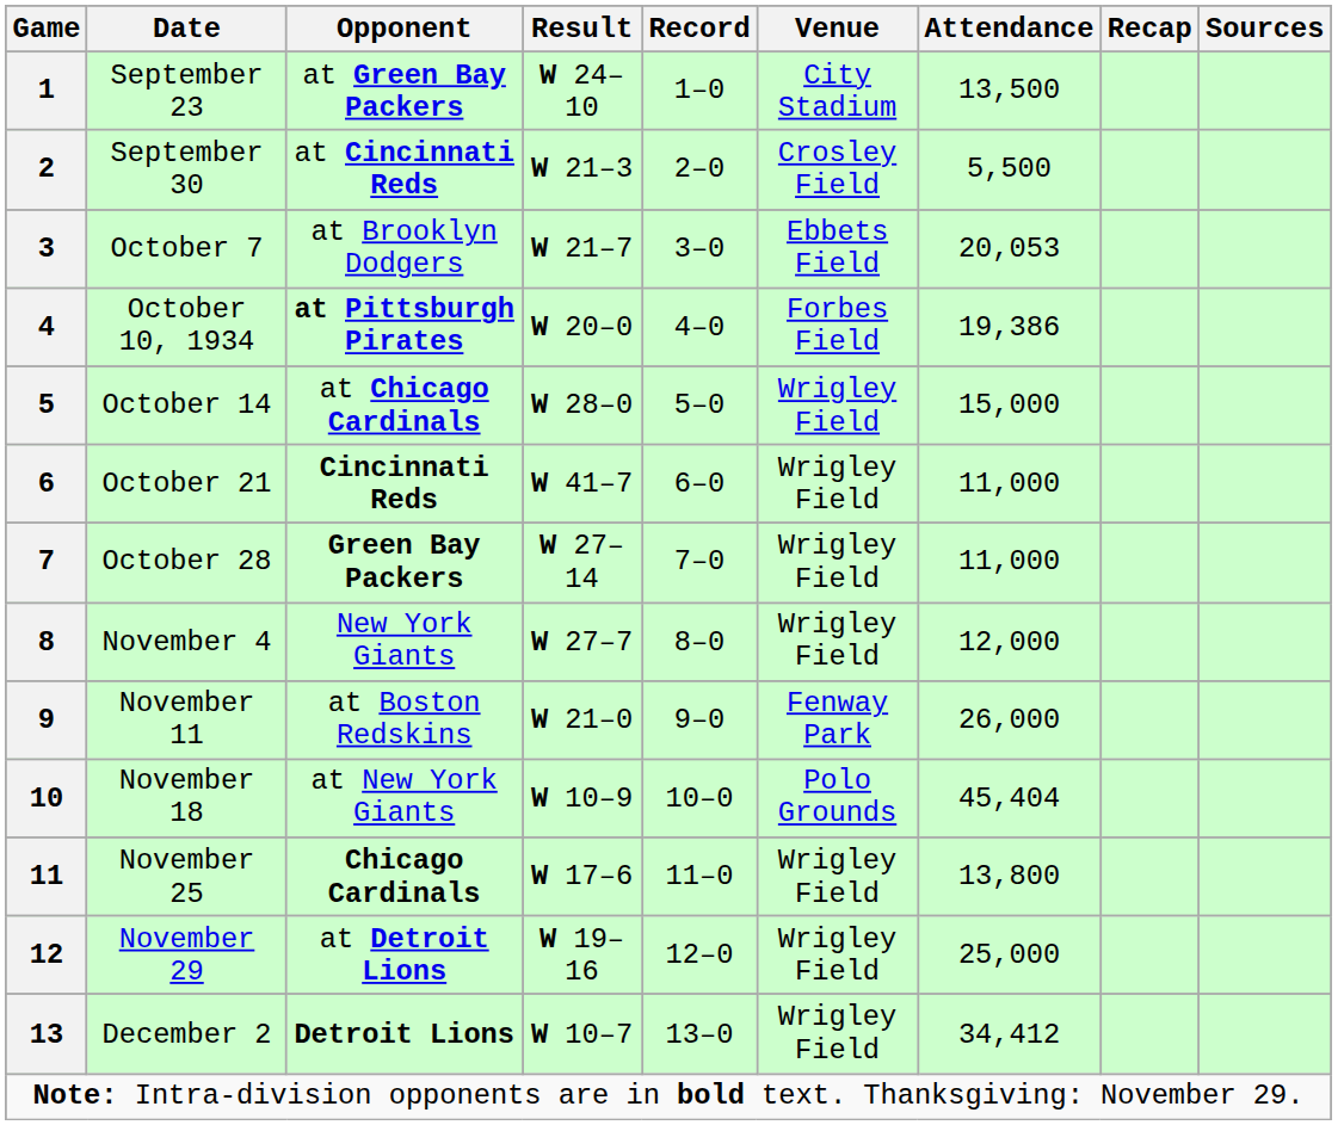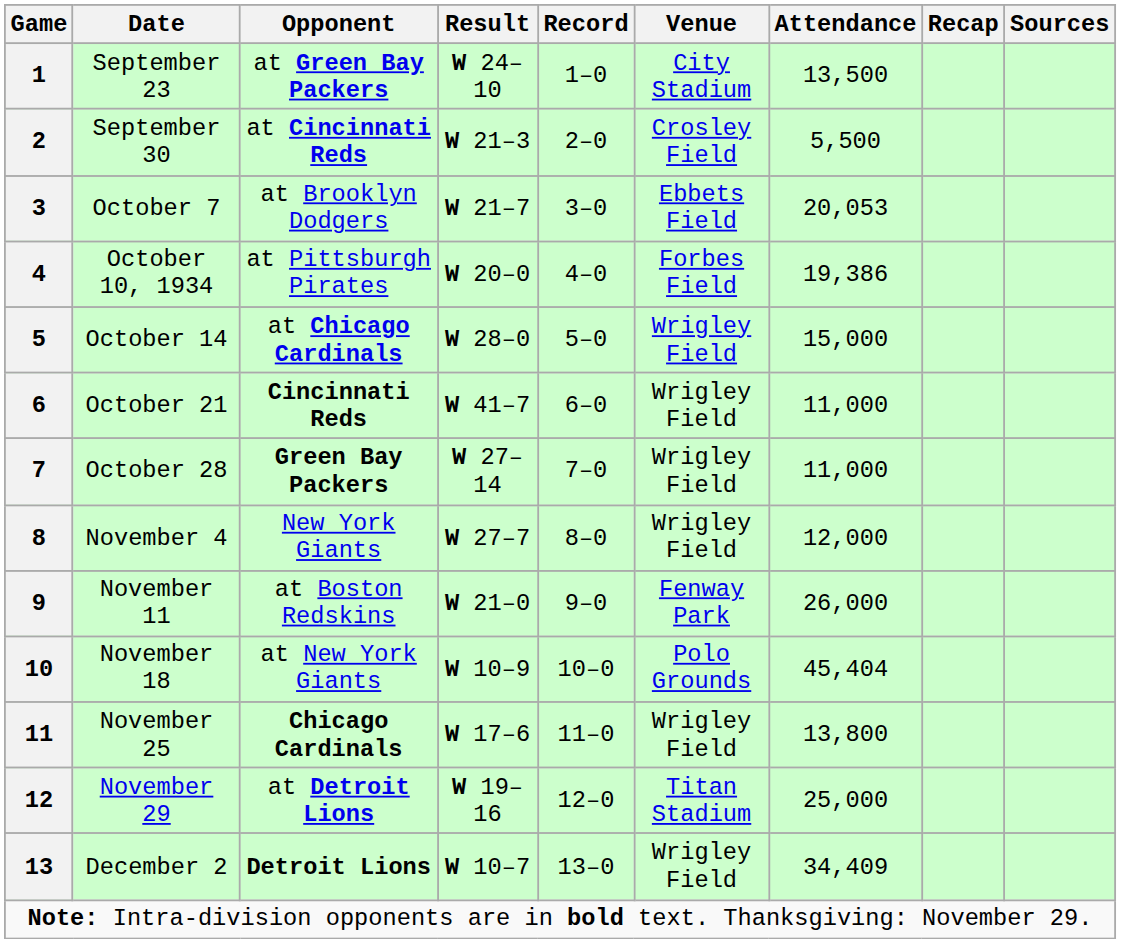 <table class="wikitable" style="text-align:center">
 <tr>
 <th>Game</th>
 <th>Date</th>
 <th>Opponent</th>
 <th>Result</th>
 <th>Record</th>
 <th>Venue</th>
 <th>Attendance</th>
 <th>Recap</th>
 <th>Sources</th>
 </tr>
 <tr style="background:#cfc">
 <th>1</th>
 <td>September 23</td>
 <td>at <strong><a href='#'>Green Bay Packers</a></strong></td>
 <td><strong>W</strong> 24–10</td>
 <td>1–0</td>
 <td><a href='#'>City Stadium</a></td>
 <td>13,500</td>
 <td></td>
 <td></td>
 </tr>
 <tr style="background:#cfc">
 <th>2</th>
 <td>September 30</td>
 <td>at <strong><a href='#'>Cincinnati Reds</a></strong></td>
 <td><strong>W</strong> 21–3</td>
 <td>2–0</td>
 <td><a href='#'>Crosley Field</a></td>
 <td>5,500</td>
 <td></td>
 <td></td>
 </tr>
 <tr style="background:#cfc">
 <th>3</th>
 <td>October 7</td>
 <td>at <a href='#'>Brooklyn Dodgers</a></td>
 <td><strong>W</strong> 21–7</td>
 <td>3–0</td>
 <td><a href='#'>Ebbets Field</a></td>
 <td>20,053</td>
 <td></td>
 <td></td>
 </tr>
 <tr style="background:#cfc">
 <th>4</th>
 <td>October 10, 1934</td>
-<td><strong>at <a href='#'>Pittsburgh Pirates</a></strong></td>
+<td>at <a href='#'>Pittsburgh Pirates</a></td>
 <td><strong>W</strong> 20–0</td>
 <td>4–0</td>
 <td><a href='#'>Forbes Field</a></td>
 <td>19,386</td>
 <td></td>
 <td></td>
 </tr>
 <tr style="background:#cfc">
 <th>5</th>
 <td>October 14</td>
 <td>at <strong><a href='#'>Chicago Cardinals</a></strong></td>
 <td><strong>W</strong> 28–0</td>
 <td>5–0</td>
 <td><a href='#'>Wrigley Field</a></td>
 <td>15,000</td>
 <td></td>
 <td></td>
 </tr>
 <tr style="background:#cfc">
 <th>6</th>
 <td>October 21</td>
 <td><strong>Cincinnati Reds</strong></td>
 <td><strong>W</strong> 41–7</td>
 <td>6–0</td>
 <td>Wrigley Field</td>
 <td>11,000</td>
 <td></td>
 <td></td>
 </tr>
 <tr style="background:#cfc">
 <th>7</th>
 <td>October 28</td>
 <td><strong>Green Bay Packers</strong></td>
 <td><strong>W</strong> 27–14</td>
 <td>7–0</td>
 <td>Wrigley Field</td>
 <td>11,000</td>
 <td></td>
 <td></td>
 </tr>
 <tr style="background:#cfc">
 <th>8</th>
 <td>November 4</td>
 <td><a href='#'>New York Giants</a></td>
 <td><strong>W</strong> 27–7</td>
 <td>8–0</td>
 <td>Wrigley Field</td>
 <td>12,000</td>
 <td></td>
 <td></td>
 </tr>
 <tr style="background:#cfc">
 <th>9</th>
 <td>November 11</td>
 <td>at <a href='#'>Boston Redskins</a></td>
 <td><strong>W</strong> 21–0</td>
 <td>9–0</td>
 <td><a href='#'>Fenway Park</a></td>
 <td>26,000</td>
 <td></td>
 <td></td>
 </tr>
 <tr style="background:#cfc">
 <th>10</th>
 <td>November 18</td>
 <td>at <a href='#'>New York Giants</a></td>
 <td><strong>W</strong> 10–9</td>
 <td>10–0</td>
 <td><a href='#'>Polo Grounds</a></td>
 <td>45,404</td>
 <td></td>
 <td></td>
 </tr>
 <tr style="background:#cfc">
 <th>11</th>
 <td>November 25</td>
 <td><strong>Chicago Cardinals</strong></td>
 <td><strong>W</strong> 17–6</td>
 <td>11–0</td>
 <td>Wrigley Field</td>
 <td>13,800</td>
 <td></td>
 <td></td>
 </tr>
 <tr style="background:#cfc">
 <th>12</th>
 <td><a href='#'>November 29</a></td>
 <td>at <strong><a href='#'>Detroit Lions</a></strong></td>
 <td><strong>W</strong> 19–16</td>
 <td>12–0</td>
-<td>Wrigley Field</td>
+<td><a href='#'>Titan Stadium</a></td>
 <td>25,000</td>
 <td></td>
 <td></td>
 </tr>
 <tr style="background:#cfc">
 <th>13</th>
 <td>December 2</td>
 <td><strong>Detroit Lions</strong></td>
 <td><strong>W</strong> 10–7</td>
 <td>13–0</td>
 <td>Wrigley Field</td>
-<td>34,412</td>
+<td>34,409</td>
 <td></td>
 <td></td>
 </tr>
 <tr>
 <td colspan="10"><strong>Note:</strong> Intra-division opponents are in <strong>bold</strong> text. Thanksgiving: November 29.</td>
 </tr>
 </table>
